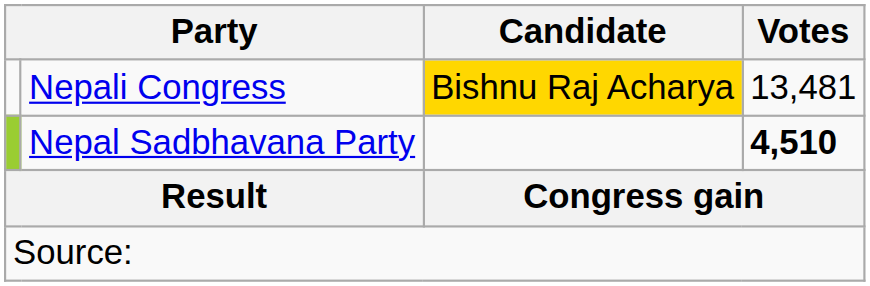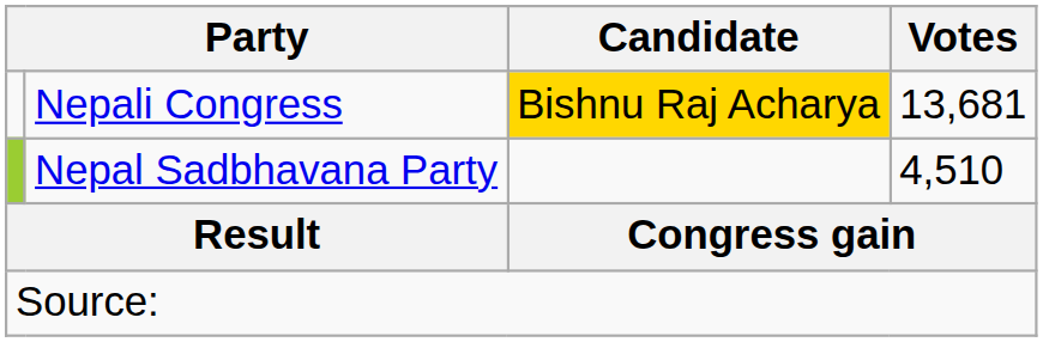 <table class="wikitable">
 <tr>
 <th colspan="2">Party</th>
 <th>Candidate</th>
 <th>Votes</th>
 </tr>
 <tr>
 <td style="background-color:"></td>
 <td><a href='#'>Nepali Congress</a></td>
 <td style="background: gold;">Bishnu Raj Acharya</td>
-<td>13,481</td>
+<td>13,681</td>
 </tr>
 <tr>
 <td style="background-color:yellowgreen"></td>
 <td><a href='#'>Nepal Sadbhavana Party</a></td>
 <td></td>
-<td><strong>4,510</strong></td>
+<td>4,510</td>
 </tr>
 <tr>
 <th colspan="2">Result</th>
 <th colspan="2">Congress gain</th>
 </tr>
 <tr>
 <td colspan="4">Source: </td>
 </tr>
 </table>
